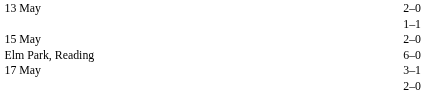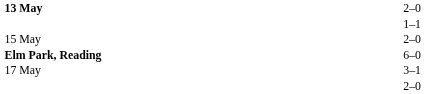 <table cellspacing=1 width=70%>
 <tr>
 <th width=25%></th>
 <th width=30%></th>
 <th width=15%></th>
 <th width=30%></th>
 </tr>
 <tr>
-<td>13 May</td>
+<td><strong>13 May</strong></td>
 <td align=right></td>
 <td align=center>2–0</td>
 <td></td>
 </tr>
 <tr>
 <td></td>
 <td align=right></td>
 <td align=center>1–1</td>
 <td></td>
 </tr>
 <tr>
 <td>15 May</td>
 <td align=right></td>
 <td align=center>2–0</td>
 <td></td>
 </tr>
 <tr>
-<td>Elm Park, Reading</td>
+<td><strong>Elm Park, Reading</strong></td>
 <td align=right></td>
 <td align=center>6–0</td>
 <td></td>
 </tr>
 <tr>
 <td>17 May</td>
 <td align=right></td>
 <td align=center>3–1</td>
 <td></td>
 </tr>
 <tr>
 <td></td>
 <td align=right></td>
 <td align=center>2–0</td>
 <td></td>
 </tr>
 </table>
